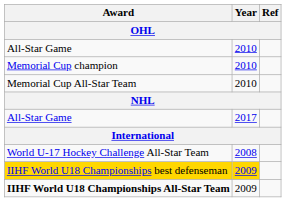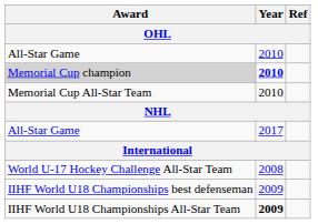 <table class="wikitable">
 <tr>
 <th>Award</th>
 <th>Year</th>
 <th>Ref</th>
 </tr>
 <tr>
 <th colspan="3"><a href='#'>OHL</a></th>
 </tr>
 <tr>
 <td>All-Star Game</td>
 <td><a href='#'>2010</a></td>
 <td></td>
 </tr>
 <tr>
-<td><a href='#'>Memorial Cup</a> champion</td>
-<td><a href='#'>2010</a></td>
+<td style="background: lightgrey;"><a href='#'>Memorial Cup</a> champion</td>
+<td><strong><a href='#'>2010</a></strong></td>
 <td></td>
 </tr>
 <tr>
 <td>Memorial Cup All-Star Team</td>
 <td>2010</td>
 <td></td>
 </tr>
 <tr>
 <th colspan="3"><a href='#'>NHL</a></th>
 </tr>
 <tr>
 <td><a href='#'>All-Star Game</a></td>
 <td><a href='#'>2017</a></td>
 <td></td>
 </tr>
 <tr 2024 NHL Winter Classic Cocoa Cup Winner (MVP)>
 <th colspan="3"><a href='#'>International</a></th>
 </tr>
 <tr>
 <td><a href='#'>World U-17 Hockey Challenge</a> All-Star Team</td>
 <td><a href='#'>2008</a></td>
 <td></td>
 </tr>
 <tr>
-<td style="background: gold;"><a href='#'>IIHF World U18 Championships</a> best defenseman</td>
-<td style="background: gold;"><a href='#'>2009</a></td>
+<td><a href='#'>IIHF World U18 Championships</a> best defenseman</td>
+<td><a href='#'>2009</a></td>
 <td></td>
 </tr>
 <tr>
-<td><strong>IIHF World U18 Championships All-Star Team</strong></td>
-<td>2009</td>
+<td>IIHF World U18 Championships All-Star Team</td>
+<td><strong>2009</strong></td>
 <td></td>
 </tr>
 </table>
